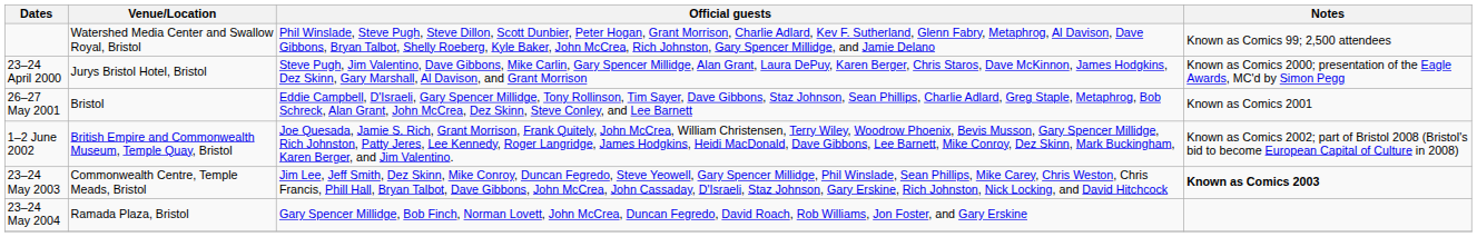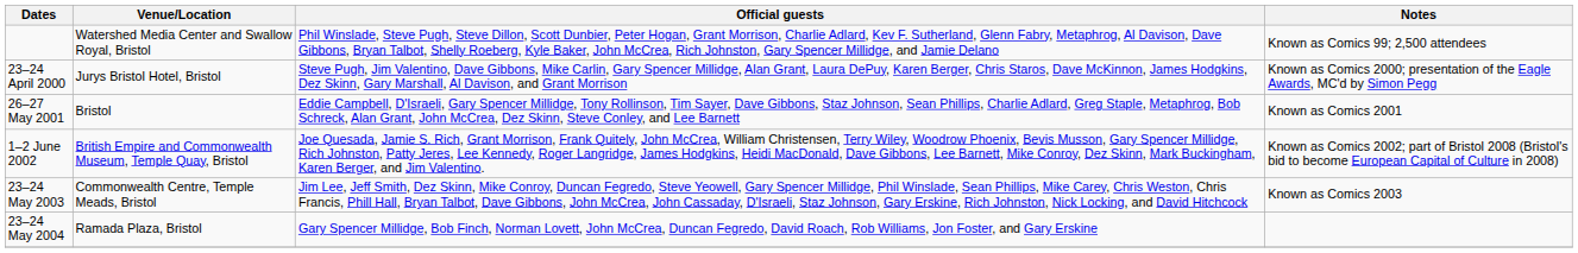 <table class="wikitable">
 <tr>
 <th>Dates</th>
 <th>Venue/Location</th>
 <th>Official guests</th>
 <th>Notes</th>
 </tr>
 <tr>
 <td></td>
 <td>Watershed Media Center and Swallow Royal, Bristol</td>
 <td><a href='#'>Phil Winslade</a>, <a href='#'>Steve Pugh</a>, <a href='#'>Steve Dillon</a>, <a href='#'>Scott Dunbier</a>, <a href='#'>Peter Hogan</a>, <a href='#'>Grant Morrison</a>, <a href='#'>Charlie Adlard</a>, <a href='#'>Kev F. Sutherland</a>, <a href='#'>Glenn Fabry</a>, <a href='#'>Metaphrog</a>, <a href='#'>Al Davison</a>, <a href='#'>Dave Gibbons</a>, <a href='#'>Bryan Talbot</a>, <a href='#'>Shelly Roeberg</a>, <a href='#'>Kyle Baker</a>, <a href='#'>John McCrea</a>, <a href='#'>Rich Johnston</a>, <a href='#'>Gary Spencer Millidge</a>, and <a href='#'>Jamie Delano</a></td>
 <td>Known as Comics 99; 2,500 attendees</td>
 </tr>
 <tr>
 <td>23–24 April 2000</td>
 <td>Jurys Bristol Hotel, Bristol</td>
 <td><a href='#'>Steve Pugh</a>, <a href='#'>Jim Valentino</a>, <a href='#'>Dave Gibbons</a>, <a href='#'>Mike Carlin</a>, <a href='#'>Gary Spencer Millidge</a>, <a href='#'>Alan Grant</a>, <a href='#'>Laura DePuy</a>, <a href='#'>Karen Berger</a>, <a href='#'>Chris Staros</a>, <a href='#'>Dave McKinnon</a>, <a href='#'>James Hodgkins</a>, <a href='#'>Dez Skinn</a>, <a href='#'>Gary Marshall</a>, <a href='#'>Al Davison</a>, and <a href='#'>Grant Morrison</a></td>
 <td>Known as Comics 2000; presentation of the <a href='#'>Eagle Awards</a>, MC'd by <a href='#'>Simon Pegg</a></td>
 </tr>
 <tr>
 <td>26–27 May 2001</td>
 <td>Bristol</td>
 <td><a href='#'>Eddie Campbell</a>, <a href='#'>D'Israeli</a>, <a href='#'>Gary Spencer Millidge</a>, <a href='#'>Tony Rollinson</a>, <a href='#'>Tim Sayer</a>, <a href='#'>Dave Gibbons</a>, <a href='#'>Staz Johnson</a>, <a href='#'>Sean Phillips</a>, <a href='#'>Charlie Adlard</a>, <a href='#'>Greg Staple</a>, <a href='#'>Metaphrog</a>, <a href='#'>Bob Schreck</a>, <a href='#'>Alan Grant</a>, <a href='#'>John McCrea</a>, <a href='#'>Dez Skinn</a>, <a href='#'>Steve Conley</a>, and <a href='#'>Lee Barnett</a></td>
 <td>Known as Comics 2001</td>
 </tr>
 <tr>
 <td>1–2 June 2002</td>
 <td><a href='#'>British Empire and Commonwealth Museum</a>, <a href='#'>Temple Quay</a>, Bristol</td>
 <td><a href='#'>Joe Quesada</a>, <a href='#'>Jamie S. Rich</a>, <a href='#'>Grant Morrison</a>, <a href='#'>Frank Quitely</a>, <a href='#'>John McCrea</a>, William Christensen, <a href='#'>Terry Wiley</a>, <a href='#'>Woodrow Phoenix</a>, <a href='#'>Bevis Musson</a>, <a href='#'>Gary Spencer Millidge</a>, <a href='#'>Rich Johnston</a>, <a href='#'>Patty Jeres</a>, <a href='#'>Lee Kennedy</a>, <a href='#'>Roger Langridge</a>, <a href='#'>James Hodgkins</a>, <a href='#'>Heidi MacDonald</a>, <a href='#'>Dave Gibbons</a>, <a href='#'>Lee Barnett</a>, <a href='#'>Mike Conroy</a>, <a href='#'>Dez Skinn</a>, <a href='#'>Mark Buckingham</a>, <a href='#'>Karen Berger</a>, and <a href='#'>Jim Valentino</a>.</td>
 <td>Known as Comics 2002; part of Bristol 2008 (Bristol's bid to become <a href='#'>European Capital of Culture</a> in 2008)</td>
 </tr>
 <tr>
 <td>23–24 May 2003</td>
 <td>Commonwealth Centre, Temple Meads, Bristol</td>
 <td><a href='#'>Jim Lee</a>, <a href='#'>Jeff Smith</a>, <a href='#'>Dez Skinn</a>, <a href='#'>Mike Conroy</a>, <a href='#'>Duncan Fegredo</a>, <a href='#'>Steve Yeowell</a>, <a href='#'>Gary Spencer Millidge</a>, <a href='#'>Phil Winslade</a>, <a href='#'>Sean Phillips</a>, <a href='#'>Mike Carey</a>, <a href='#'>Chris Weston</a>, Chris Francis, <a href='#'>Phill Hall</a>, <a href='#'>Bryan Talbot</a>, <a href='#'>Dave Gibbons</a>, <a href='#'>John McCrea</a>, <a href='#'>John Cassaday</a>, <a href='#'>D'Israeli</a>, <a href='#'>Staz Johnson</a>, <a href='#'>Gary Erskine</a>, <a href='#'>Rich Johnston</a>, <a href='#'>Nick Locking</a>, and <a href='#'>David Hitchcock</a></td>
-<td><strong>Known as Comics 2003</strong></td>
+<td>Known as Comics 2003</td>
 </tr>
 <tr>
 <td>23–24 May 2004</td>
 <td>Ramada Plaza, Bristol</td>
 <td><a href='#'>Gary Spencer Millidge</a>, <a href='#'>Bob Finch</a>, <a href='#'>Norman Lovett</a>, <a href='#'>John McCrea</a>, <a href='#'>Duncan Fegredo</a>, <a href='#'>David Roach</a>, <a href='#'>Rob Williams</a>, <a href='#'>Jon Foster</a>, and <a href='#'>Gary Erskine</a></td>
 <td></td>
 </tr>
 <tr>
 </tr>
 </table>
